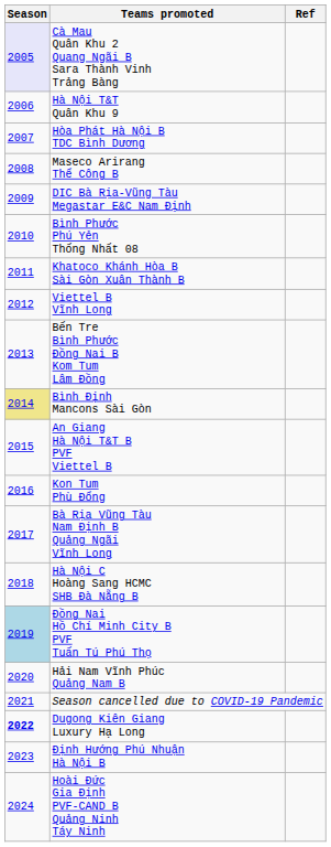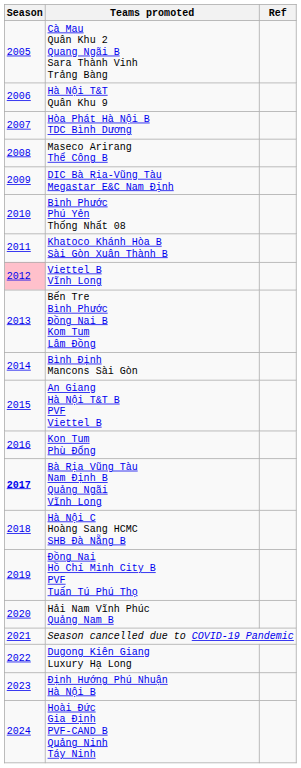 <table class="wikitable">
 <tr>
 <th>Season</th>
 <th>Teams promoted</th>
 <th>Ref</th>
 </tr>
 <tr>
-<td style="background: lavender;"><a href='#'>2005</a></td>
+<td><a href='#'>2005</a></td>
 <td><a href='#'>Cà Mau</a><br> Quân Khu 2<br><a href='#'>Quang Ngãi B</a><br> Sara Thành Vinh<br>Trảng Bàng</td>
 <td></td>
 </tr>
 <tr>
 <td><a href='#'>2006</a></td>
 <td><a href='#'>Hà Nội T&T</a><br>Quân Khu 9</td>
 <td></td>
 </tr>
 <tr>
 <td><a href='#'>2007</a></td>
 <td><a href='#'>Hòa Phát Hà Nội B</a><br><a href='#'>TDC Bình Dương</a></td>
 <td></td>
 </tr>
 <tr>
 <td><a href='#'>2008</a></td>
 <td>Maseco Arirang<br><a href='#'>Thể Công B</a></td>
 <td></td>
 </tr>
 <tr>
 <td><a href='#'>2009</a></td>
 <td><a href='#'>DIC Bà Rịa-Vũng Tàu</a><br><a href='#'>Megastar E&C Nam Định</a></td>
 <td></td>
 </tr>
 <tr>
 <td><a href='#'>2010</a></td>
 <td><a href='#'>Bình Phước</a><br><a href='#'>Phú Yẻn</a><br>Thống Nhất 08</td>
 <td></td>
 </tr>
 <tr>
 <td><a href='#'>2011</a></td>
 <td><a href='#'>Khatoco Khánh Hòa B</a><br><a href='#'>Sài Gòn Xuân Thành B</a></td>
 <td></td>
 </tr>
 <tr>
-<td><a href='#'>2012</a></td>
+<td style="background: pink;"><a href='#'>2012</a></td>
 <td><a href='#'>Viettel B</a><br><a href='#'>Vĩnh Long</a></td>
 <td></td>
 </tr>
 <tr>
 <td><a href='#'>2013</a></td>
 <td>Bến Tre<br><a href='#'>Bình Phước</a><br><a href='#'>Đồng Nai B</a><br><a href='#'>Kom Tum</a><br><a href='#'>Lâm Đồng</a></td>
 <td></td>
 </tr>
 <tr>
-<td style="background: khaki;"><a href='#'>2014</a></td>
+<td><a href='#'>2014</a></td>
 <td><a href='#'>Bình Định</a><br>Mancons Sài Gòn <br></td>
 <td></td>
 </tr>
 <tr>
 <td><a href='#'>2015</a></td>
 <td><a href='#'>An Giang</a><br><a href='#'>Hà Nội T&T B</a><br><a href='#'>PVF</a><br><a href='#'>Viettel B</a></td>
 <td></td>
 </tr>
 <tr>
 <td><a href='#'>2016</a></td>
 <td><a href='#'>Kon Tum</a><br><a href='#'>Phù Đổng</a></td>
 <td></td>
 </tr>
 <tr>
-<td><a href='#'>2017</a></td>
+<td><strong><a href='#'>2017</a></strong></td>
 <td><a href='#'>Bà Rịa Vũng Tàu</a><br><a href='#'>Nam Định B</a><br><a href='#'>Quảng Ngãi</a><br><a href='#'>Vĩnh Long</a></td>
 <td></td>
 </tr>
 <tr>
 <td><a href='#'>2018</a></td>
 <td><a href='#'>Hà Nội C</a><br>Hoàng Sang HCMC<br><a href='#'>SHB Đà Nẵng B</a></td>
 <td></td>
 </tr>
 <tr>
-<td style="background: lightblue;"><a href='#'>2019</a></td>
+<td><a href='#'>2019</a></td>
 <td><a href='#'>Đồng Nai</a><br><a href='#'>Hồ Chí Minh City B</a><br><a href='#'>PVF</a><br><a href='#'>Tuấn Tú Phú Thọ</a></td>
 <td></td>
 </tr>
 <tr>
 <td><a href='#'>2020</a></td>
 <td>Hải Nam Vĩnh Phúc<br><a href='#'>Quảng Nam B</a></td>
 <td></td>
 </tr>
 <tr>
 <td><a href='#'>2021</a></td>
 <td colspan='2'><div><em>Season cancelled due to <a href='#'>COVID-19 Pandemic</a></em></div></td>
 </tr>
 <tr>
-<td><strong><a href='#'>2022</a></strong></td>
+<td><a href='#'>2022</a></td>
 <td><a href='#'>Dugong Kiên Giang</a><br>Luxury Hạ Long</td>
 <td></td>
 </tr>
 <tr>
 <td><a href='#'>2023</a></td>
 <td><a href='#'>Định Hướng Phú Nhuận</a><br><a href='#'>Hà Nội B</a></td>
 <td></td>
 </tr>
 <tr>
 <td><a href='#'>2024</a></td>
 <td><a href='#'>Hoài Đức</a><br><a href='#'>Gia Định</a><br><a href='#'>PVF-CAND B</a><br><a href='#'>Quảng Ninh</a><br><a href='#'>Táy Ninh</a></td>
 <td></td>
 </tr>
 </table>
